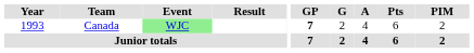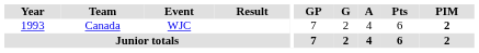 <table border="0" cellpadding="1" cellspacing="0" ID="Table3" style="text-align:center; width:40em">
 <tr ALIGN="center" bgcolor="#e0e0e0">
 <th>Year</th>
 <th>Team</th>
 <th>Event</th>
 <th>Result</th>
 <th rowspan="99" bgcolor="#ffffff"></th>
 <th>GP</th>
 <th>G</th>
 <th>A</th>
 <th>Pts</th>
 <th>PIM</th>
 </tr>
 <tr ALIGN="center">
 <td><a href='#'>1993</a></td>
 <td><a href='#'>Canada</a></td>
-<td style="background: lightgreen;"><a href='#'>WJC</a></td>
+<td><a href='#'>WJC</a></td>
 <td></td>
-<td><strong>7</strong></td>
+<td>7</td>
 <td>2</td>
 <td>4</td>
 <td>6</td>
-<td>2</td>
+<td><strong>2</strong></td>
 </tr>
 <tr bgcolor="#e0e0e0">
 <th colspan="4">Junior totals</th>
 <th>7</th>
 <th>2</th>
 <th>4</th>
 <th>6</th>
 <th>2</th>
 </tr>
 </table>
